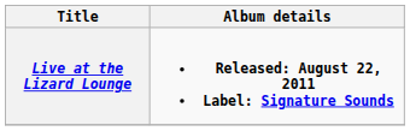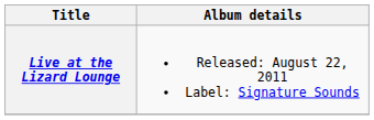 <table class="wikitable plainrowheaders" style="text-align:center;">
 <tr>
 <th scope="col" style="width:10em;">Title</th>
 <th scope="col" style="width:18em;">Album details</th>
 </tr>
 <tr>
 <th scope="row"><em><a href='#'>Live at the Lizard Lounge</a></em></th>
-<td><strong><br><ul><li>Released: August 22, 2011</li><li>Label: <a href='#'>Signature Sounds</a></li></ul></strong></td>
+<td><br><ul><li>Released: August 22, 2011</li><li>Label: <a href='#'>Signature Sounds</a></li></ul></td>
 </tr>
 <tr>
 </tr>
 </table>
